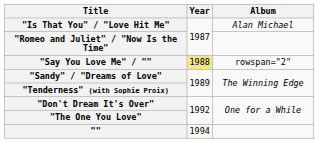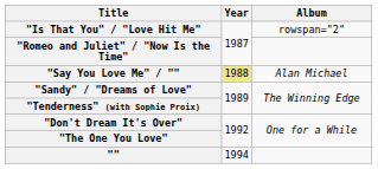 <table class="wikitable plainrowheaders" style="text-align:center">
 <tr>
 <th width="275px">Title</th>
 <th style="width:2.5em;">Year</th>
 <th width="150px">Album</th>
 </tr>
 <tr>
 <th scope="row">"Is That You" / "Love Hit Me"</th>
 <td rowspan="2">1987</td>
-<td><em>Alan Michael</em></td>
+<td>rowspan="2" </td>
 </tr>
 <tr>
 <th scope="row">"Romeo and Juliet" / "Now Is the Time"</th>
 </tr>
 <tr>
 <th scope="row">"Say You Love Me" / ""</th>
 <td style="background: khaki;">1988</td>
-<td>rowspan="2" </td>
+<td><em>Alan Michael</em></td>
 </tr>
 <tr>
 <th scope="row">"Sandy" / "Dreams of Love"</th>
 <td rowspan="2">1989</td>
 <td rowspan="2"><em>The Winning Edge</em></td>
 </tr>
 <tr>
 <th scope="row">"Tenderness" <small>(with Sophie Proix)</small></th>
 </tr>
 <tr>
 <th scope="row">"Don't Dream It's Over"</th>
 <td rowspan="2">1992</td>
 <td rowspan="2"><em>One for a While</em></td>
 </tr>
 <tr>
 <th scope="row">"The One You Love"</th>
 </tr>
 <tr>
 <th scope="row">""</th>
 <td>1994</td>
 <td></td>
 </tr>
 </table>
